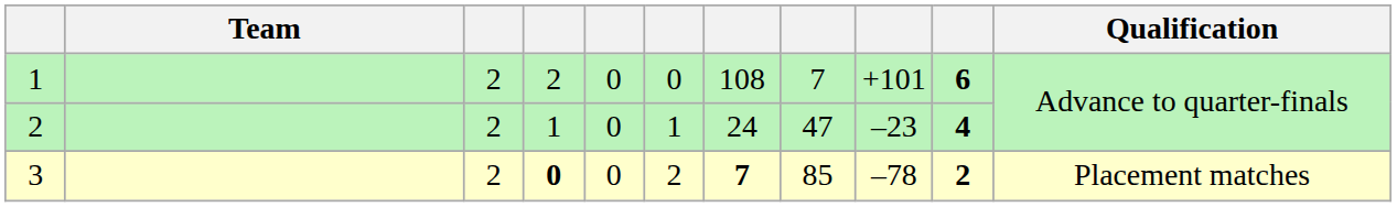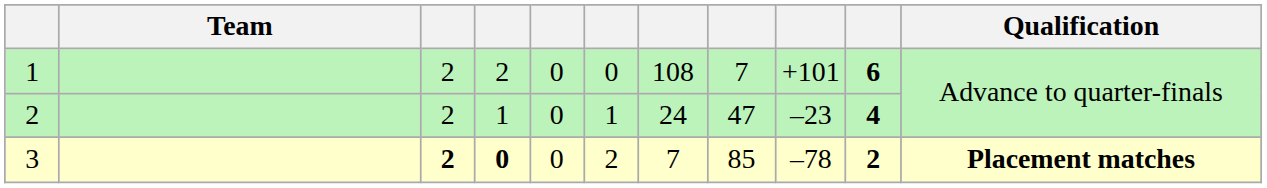 <table class="wikitable" style="text-align:center;">
 <tr>
 <th style="width:1.5em;"></th>
 <th style="width:12.5em">Team</th>
 <th style="width:1.5em;"></th>
 <th style="width:1.5em;"></th>
 <th style="width:1.5em;"></th>
 <th style="width:1.5em;"></th>
 <th style="width:2.0em;"></th>
 <th style="width:2.0em;"></th>
 <th style="width:2.0em;"></th>
 <th style="width:1.5em;"></th>
 <th style="width:12.5em">Qualification</th>
 </tr>
 <tr bgcolor="#bbf3bb">
 <td>1</td>
 <td align="left"></td>
 <td>2</td>
 <td>2</td>
 <td>0</td>
 <td>0</td>
 <td>108</td>
 <td>7</td>
 <td>+101</td>
 <td><strong>6</strong></td>
 <td bgcolor="#bbf3bb" rowspan=2>Advance to quarter-finals</td>
 </tr>
 <tr bgcolor="#bbf3bb">
 <td>2</td>
 <td align="left"></td>
 <td>2</td>
 <td>1</td>
 <td>0</td>
 <td>1</td>
 <td>24</td>
 <td>47</td>
 <td>–23</td>
 <td><strong>4</strong></td>
 </tr>
 <tr bgcolor="#ffffcc">
 <td>3</td>
 <td align="left"></td>
-<td>2</td>
+<td><strong>2</strong></td>
 <td><strong>0</strong></td>
 <td>0</td>
 <td>2</td>
-<td><strong>7</strong></td>
+<td>7</td>
 <td>85</td>
 <td>–78</td>
 <td><strong>2</strong></td>
-<td bgcolor="#ffffcc">Placement matches</td>
+<td bgcolor="#ffffcc"><strong>Placement matches</strong></td>
 </tr>
 </table>
